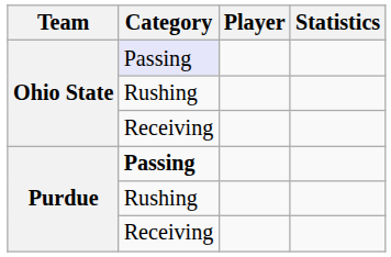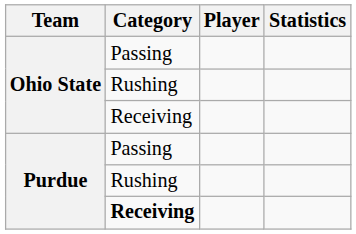 <table class="wikitable" style="float:right">
 <tr>
 <th>Team</th>
 <th>Category</th>
 <th>Player</th>
 <th>Statistics</th>
 </tr>
 <tr>
 <th rowspan=3>Ohio State</th>
-<td style="background: lavender;">Passing</td>
+<td>Passing</td>
 <td></td>
 <td></td>
 </tr>
 <tr>
 <td>Rushing</td>
 <td></td>
 <td></td>
 </tr>
 <tr>
 <td>Receiving</td>
 <td></td>
 <td></td>
 </tr>
 <tr>
 <th rowspan=3>Purdue</th>
-<td><strong>Passing</strong></td>
+<td>Passing</td>
 <td></td>
 <td></td>
 </tr>
 <tr>
 <td>Rushing</td>
 <td></td>
 <td></td>
 </tr>
 <tr>
-<td>Receiving</td>
+<td><strong>Receiving</strong></td>
 <td></td>
 <td></td>
 </tr>
 </table>
